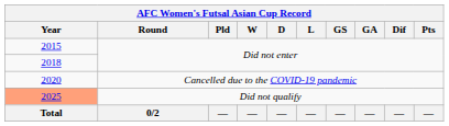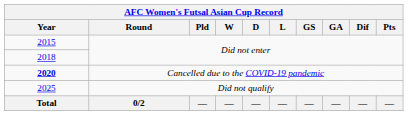 <table class="wikitable" style="text-align: center;font-size:90%;">
 <tr>
 <th colspan=10><a href='#'>AFC Women's Futsal Asian Cup Record</a></th>
 </tr>
 <tr>
 <th width=125>Year</th>
 <th width=150>Round</th>
 <th width=35>Pld</th>
 <th width=35>W</th>
 <th width=35>D</th>
 <th width=35>L</th>
 <th width=35>GS</th>
 <th width=35>GA</th>
 <th width=35>Dif</th>
 <th width=35>Pts</th>
 </tr>
 <tr>
 <td> <a href='#'>2015</a></td>
 <td colspan=9 rowspan=2><em>Did not enter</em></td>
 </tr>
 <tr>
 <td> <a href='#'>2018</a></td>
 </tr>
 <tr>
-<td> <a href='#'>2020</a></td>
+<td><strong> <a href='#'>2020</a></strong></td>
 <td colspan=9><em>Cancelled due to the <a href='#'>COVID-19 pandemic</a></em></td>
 </tr>
 <tr>
-<td style="background: lightsalmon;"> <a href='#'>2025</a></td>
+<td> <a href='#'>2025</a></td>
 <td colspan=9><em>Did not qualify</em></td>
 </tr>
 <tr>
 <th><strong>Total</strong></th>
 <th>0/2</th>
 <th>—</th>
 <th>—</th>
 <th>—</th>
 <th>—</th>
 <th>—</th>
 <th>—</th>
 <th>—</th>
 <th>—</th>
 </tr>
 </table>
